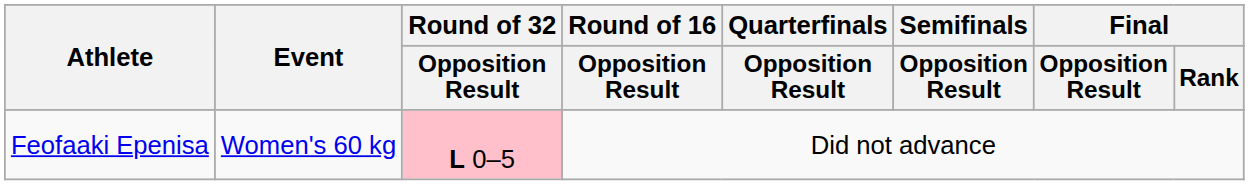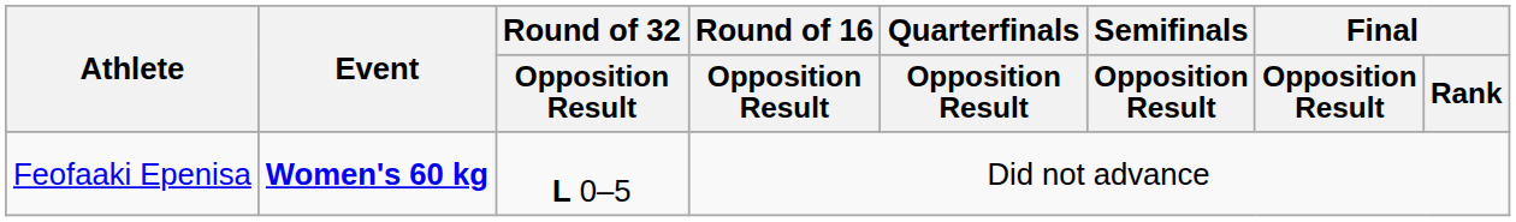 <table class="wikitable" style="font-size:90%">
 <tr>
 <th rowspan="2">Athlete</th>
 <th rowspan="2">Event</th>
 <th>Round of 32</th>
 <th>Round of 16</th>
 <th>Quarterfinals</th>
 <th>Semifinals</th>
 <th colspan=2>Final</th>
 </tr>
 <tr style="font-size:95%">
 <th>Opposition<br>Result</th>
 <th>Opposition<br>Result</th>
 <th>Opposition<br>Result</th>
 <th>Opposition<br>Result</th>
 <th>Opposition<br>Result</th>
 <th>Rank</th>
 </tr>
 <tr align=center>
 <td align=left><a href='#'>Feofaaki Epenisa</a></td>
-<td align=left><a href='#'>Women's 60 kg</a></td>
-<td style="background: pink;"><br><strong>L</strong> 0–5</td>
+<td align=left><strong><a href='#'>Women's 60 kg</a></strong></td>
+<td><br><strong>L</strong> 0–5</td>
 <td colspan=5>Did not advance</td>
 </tr>
 </table>
